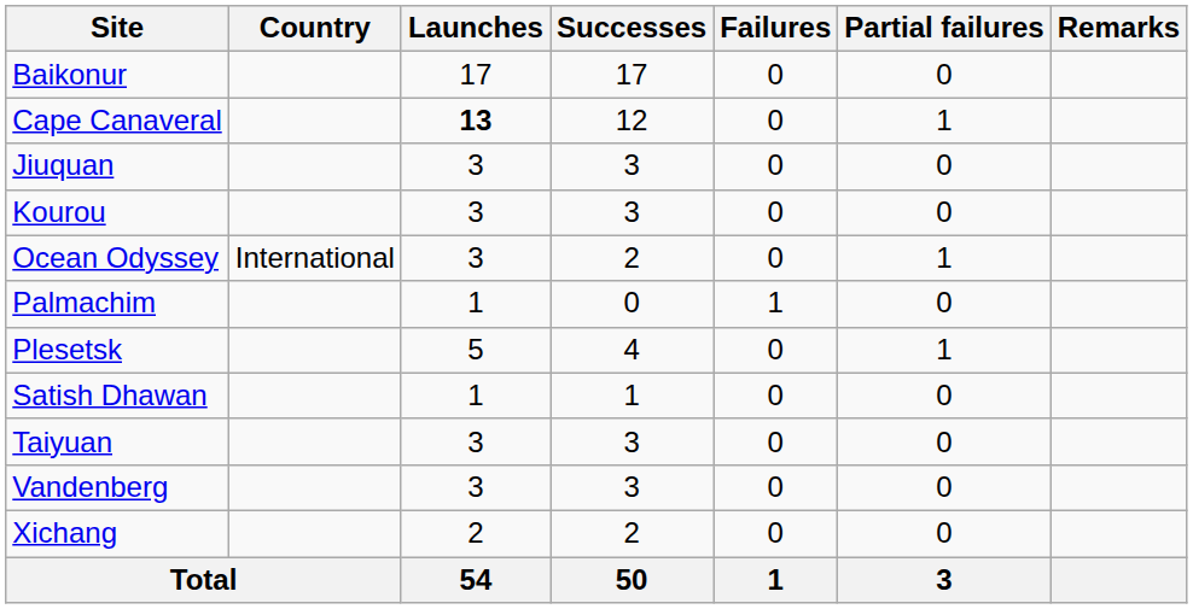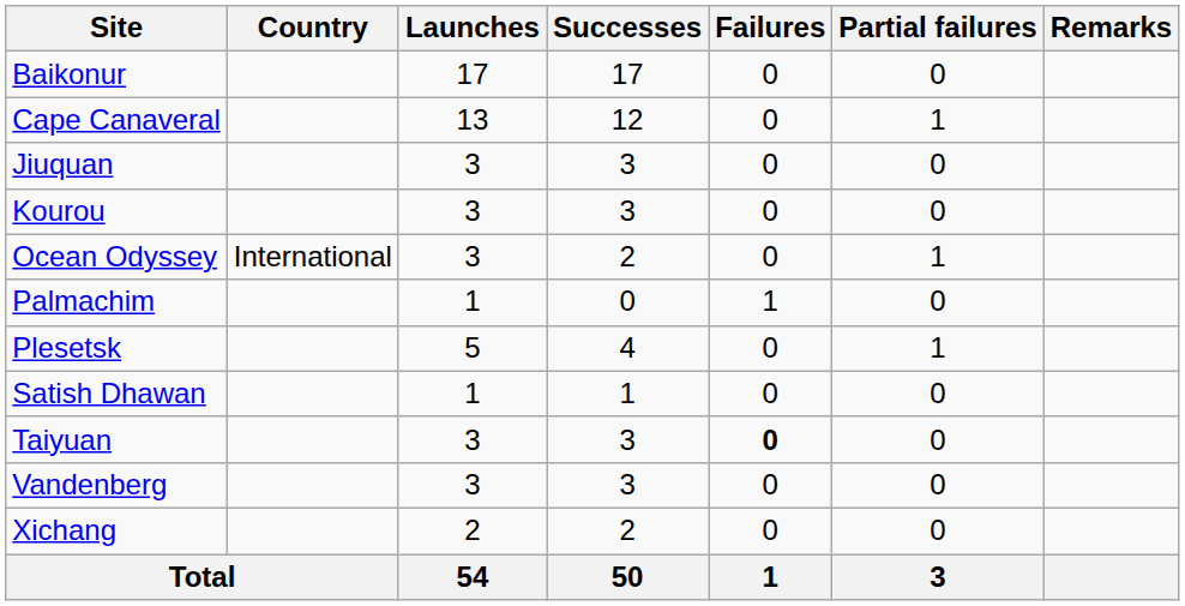 <table class="wikitable sortable" style=text-align:center>
 <tr>
 <th>Site</th>
 <th>Country</th>
 <th>Launches</th>
 <th>Successes</th>
 <th>Failures</th>
 <th>Partial failures</th>
 <th>Remarks</th>
 </tr>
 <tr>
 <td align=left><a href='#'>Baikonur</a></td>
 <td align=left></td>
 <td>17</td>
 <td>17</td>
 <td>0</td>
 <td>0</td>
 <td></td>
 </tr>
 <tr>
 <td align=left><a href='#'>Cape Canaveral</a></td>
 <td align=left></td>
-<td><strong>13</strong></td>
+<td>13</td>
 <td>12</td>
 <td>0</td>
 <td>1</td>
 <td></td>
 </tr>
 <tr>
 <td align=left><a href='#'>Jiuquan</a></td>
 <td align=left></td>
 <td>3</td>
 <td>3</td>
 <td>0</td>
 <td>0</td>
 <td></td>
 </tr>
 <tr>
 <td align=left><a href='#'>Kourou</a></td>
 <td align=left></td>
 <td>3</td>
 <td>3</td>
 <td>0</td>
 <td>0</td>
 <td></td>
 </tr>
 <tr>
 <td align=left><a href='#'>Ocean Odyssey</a></td>
 <td align=left> International</td>
 <td>3</td>
 <td>2</td>
 <td>0</td>
 <td>1</td>
 <td></td>
 </tr>
 <tr>
 <td align=left><a href='#'>Palmachim</a></td>
 <td align=left></td>
 <td>1</td>
 <td>0</td>
 <td>1</td>
 <td>0</td>
 <td></td>
 </tr>
 <tr>
 <td align=left><a href='#'>Plesetsk</a></td>
 <td align=left></td>
 <td>5</td>
 <td>4</td>
 <td>0</td>
 <td>1</td>
 <td></td>
 </tr>
 <tr>
 <td align=left><a href='#'>Satish Dhawan</a></td>
 <td align=left></td>
 <td>1</td>
 <td>1</td>
 <td>0</td>
 <td>0</td>
 <td></td>
 </tr>
 <tr>
 <td align=left><a href='#'>Taiyuan</a></td>
 <td align=left></td>
 <td>3</td>
 <td>3</td>
-<td>0</td>
+<td><strong>0</strong></td>
 <td>0</td>
 <td></td>
 </tr>
 <tr>
 <td align=left><a href='#'>Vandenberg</a></td>
 <td align=left></td>
 <td>3</td>
 <td>3</td>
 <td>0</td>
 <td>0</td>
 <td></td>
 </tr>
 <tr>
 <td align=left><a href='#'>Xichang</a></td>
 <td align=left></td>
 <td>2</td>
 <td>2</td>
 <td>0</td>
 <td>0</td>
 <td></td>
 </tr>
 <tr class="sortbottom">
 <th colspan=2>Total</th>
 <th>54</th>
 <th>50</th>
 <th>1</th>
 <th>3</th>
 <th></th>
 </tr>
 </table>
